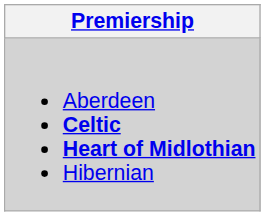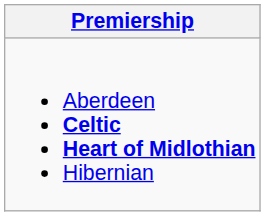 <table class="wikitable" style="text-align:left">
 <tr>
 <th><a href='#'>Premiership</a></th>
 </tr>
 <tr>
-<td valign=top style="background: lightgrey;"><br><ul><li><a href='#'>Aberdeen</a></li><li><strong><a href='#'>Celtic</a></strong></li><li><strong><a href='#'>Heart of Midlothian</a></strong></li><li><a href='#'>Hibernian</a></li></ul></td>
+<td valign=top><br><ul><li><a href='#'>Aberdeen</a></li><li><strong><a href='#'>Celtic</a></strong></li><li><strong><a href='#'>Heart of Midlothian</a></strong></li><li><a href='#'>Hibernian</a></li></ul></td>
 </tr>
 </table>
